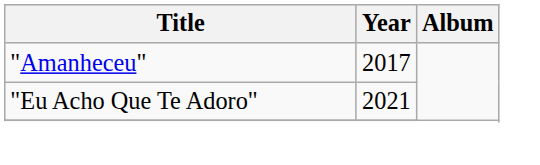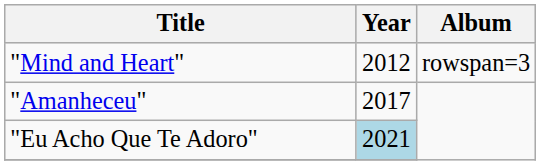 <table class="wikitable">
 <tr>
 <th style="width:14em;">Title</th>
 <th>Year</th>
 <th>Album</th>
 </tr>
 <tr>
+<td>"<a href='#'>Mind and Heart</a>"</td>
+<td>2012</td>
+<td>rowspan=3 </td>
+</tr>
+<tr>
 <td>"<a href='#'>Amanheceu</a>"</td>
 <td>2017</td>
 </tr>
 <tr>
 <td>"Eu Acho Que Te Adoro"</td>
-<td>2021</td>
+<td style="background: lightblue;">2021</td>
 </tr>
 <tr>
 </tr>
 </table>
